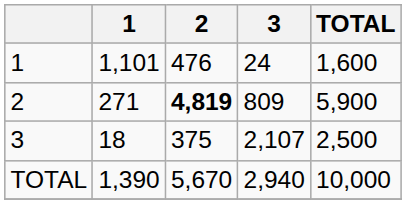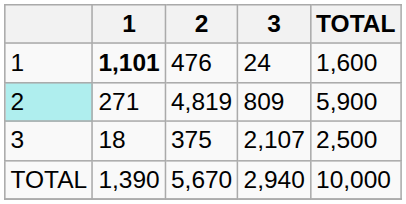 <table class="wikitable" style="margin:1em auto;">
 <tr>
 <th></th>
 <th>1</th>
 <th>2</th>
 <th>3</th>
 <th>TOTAL</th>
 </tr>
 <tr>
 <td>1</td>
-<td>1,101</td>
+<td><strong>1,101</strong></td>
 <td>476</td>
 <td>24</td>
 <td>1,600</td>
 </tr>
 <tr>
-<td>2</td>
+<td style="background: paleturquoise;">2</td>
 <td>271</td>
-<td><strong>4,819</strong></td>
+<td>4,819</td>
 <td>809</td>
 <td>5,900</td>
 </tr>
 <tr>
 <td>3</td>
 <td>18</td>
 <td>375</td>
 <td>2,107</td>
 <td>2,500</td>
 </tr>
 <tr>
 <td>TOTAL</td>
 <td>1,390</td>
 <td>5,670</td>
 <td>2,940</td>
 <td>10,000</td>
 </tr>
 <tr>
 </tr>
 </table>
